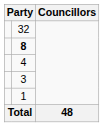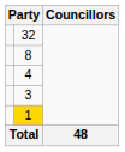 <table class="wikitable">
 <tr>
 <th colspan=2>Party</th>
 <th>Councillors</th>
 </tr>
 <tr>
 <td></td>
 <td align=center>32</td>
 </tr>
 <tr>
 <td></td>
-<td align=center><strong>8</strong></td>
+<td align=center>8</td>
 </tr>
 <tr>
 <td></td>
 <td align=center>4</td>
 </tr>
 <tr>
 <td></td>
 <td align=center>3</td>
 </tr>
 <tr>
 <td></td>
-<td align=center>1</td>
+<td align=center style="background: gold;">1</td>
 </tr>
 <tr>
 <th colspan=2>Total</th>
 <th align=center>48</th>
 </tr>
 </table>
